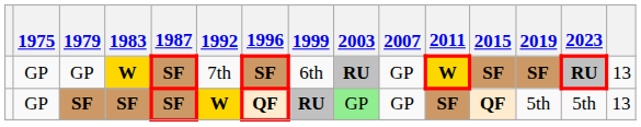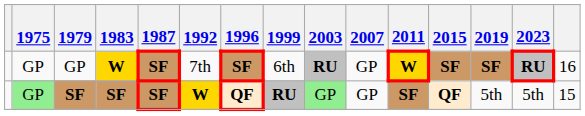 <table class="wikitable" style="text-align: center;">
 <tr>
 <th></th>
 <th><br><a href='#'>1975</a></th>
 <th><br><a href='#'>1979</a></th>
 <th><br><a href='#'>1983</a></th>
 <th><br><a href='#'>1987</a></th>
 <th><br><a href='#'>1992</a></th>
 <th><br><a href='#'>1996</a></th>
 <th><br><a href='#'>1999</a></th>
 <th><br><a href='#'>2003</a></th>
 <th><br><a href='#'>2007</a></th>
 <th><br><a href='#'>2011</a></th>
 <th><br><a href='#'>2015</a></th>
 <th><br><a href='#'>2019</a></th>
 <th><br><a href='#'>2023</a></th>
 <th></th>
 </tr>
 <tr>
 <td style="text-align:left"></td>
 <td>GP</td>
 <td>GP</td>
 <td style="background: gold"><strong>W</strong></td>
 <td style="border: 3px solid red; background-color: #cc9966"><strong>SF</strong></td>
 <td>7th</td>
 <td style="border: 3px solid red; background-color: #cc9966"><strong>SF</strong></td>
 <td>6th</td>
 <td style="background:silver"><strong>RU</strong></td>
 <td>GP</td>
 <td style="border: 3px solid red; background: gold"><strong>W</strong></td>
 <td style="background-color: #cc9966"><strong>SF</strong></td>
 <td style="background-color: #cc9966"><strong>SF</strong></td>
 <td style="border: 3px solid red;background: silver"><strong>RU</strong></td>
-<td>13</td>
+<td>16</td>
 </tr>
 <tr>
 <td style="text-align:left"></td>
-<td>GP</td>
+<td style="background: lightgreen;">GP</td>
 <td style="background-color: #cc9966"><strong>SF</strong></td>
 <td style="background-color: #cc9966"><strong>SF</strong></td>
 <td style="border: 3px solid red; background-color: #cc9966"><strong>SF</strong></td>
 <td style="background: gold"><strong>W</strong></td>
 <td style="border: 3px solid red; background:#ffebcd;"><strong>QF</strong></td>
 <td style="background: silver"><strong>RU</strong></td>
 <td style="background: lightgreen;">GP</td>
 <td>GP</td>
 <td style="background-color: #cc9966"><strong>SF</strong></td>
 <td style="background:#ffebcd;"><strong>QF</strong></td>
 <td>5th</td>
 <td>5th</td>
-<td>13</td>
+<td>15</td>
 </tr>
 <tr>
 </tr>
 </table>
